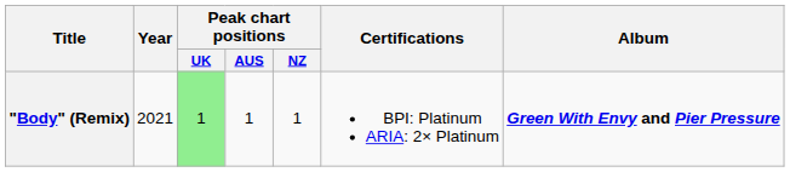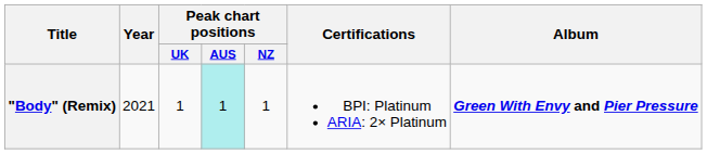 <table class="wikitable plainrowheaders" style="text-align:center;">
 <tr>
 <th scope="col" rowspan="2">Title</th>
 <th scope="col" rowspan="2">Year</th>
 <th scope="col" colspan="3">Peak chart positions</th>
 <th scope="col" rowspan="2">Certifications</th>
 <th scope="col" rowspan="2">Album</th>
 </tr>
 <tr>
 <th scope="col" style="width:3em;font-size:85%;"><a href='#'>UK</a><br></th>
 <th scope="col" style="width:3em;font-size:85%;"><a href='#'>AUS</a><br></th>
 <th scope="col" style="width:3em;font-size:85%;"><a href='#'>NZ</a><br></th>
 </tr>
 <tr>
 <th scope="row">"<a href='#'>Body</a>" (Remix)<br></th>
 <td rowspan="2">2021</td>
-<td style="background: lightgreen;">1</td>
 <td>1</td>
+<td style="background: paleturquoise;">1</td>
 <td>1</td>
 <td><br><ul><li>BPI: Platinum</li><li><a href='#'>ARIA</a>: 2× Platinum</li></ul></td>
 <td><strong><em><a href='#'>Green With Envy</a></em> and <em><a href='#'>Pier Pressure</a></em></strong></td>
 </tr>
 </table>
